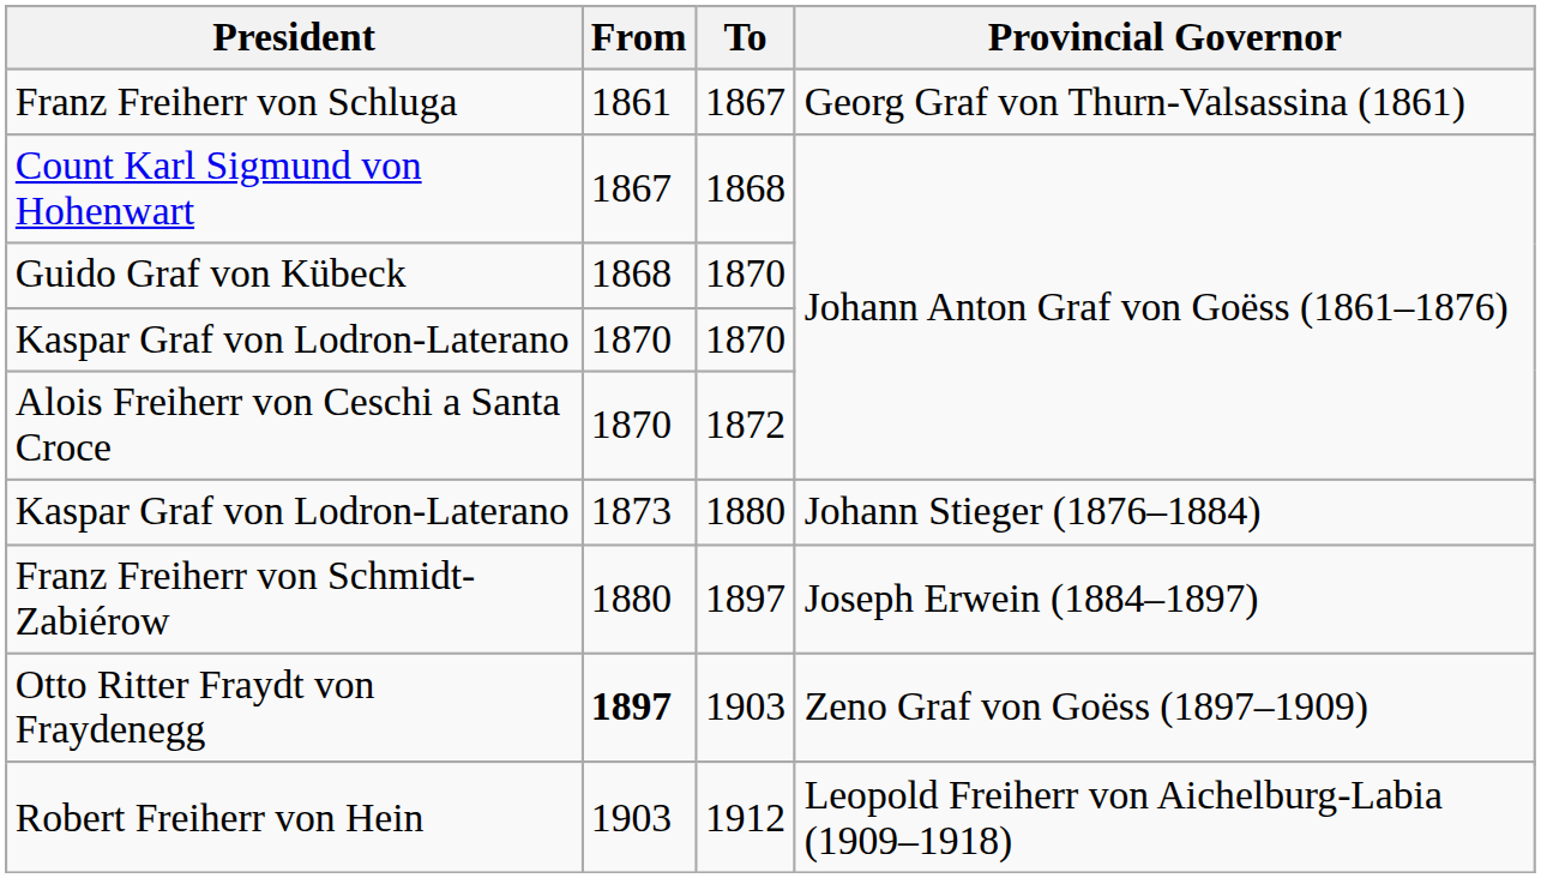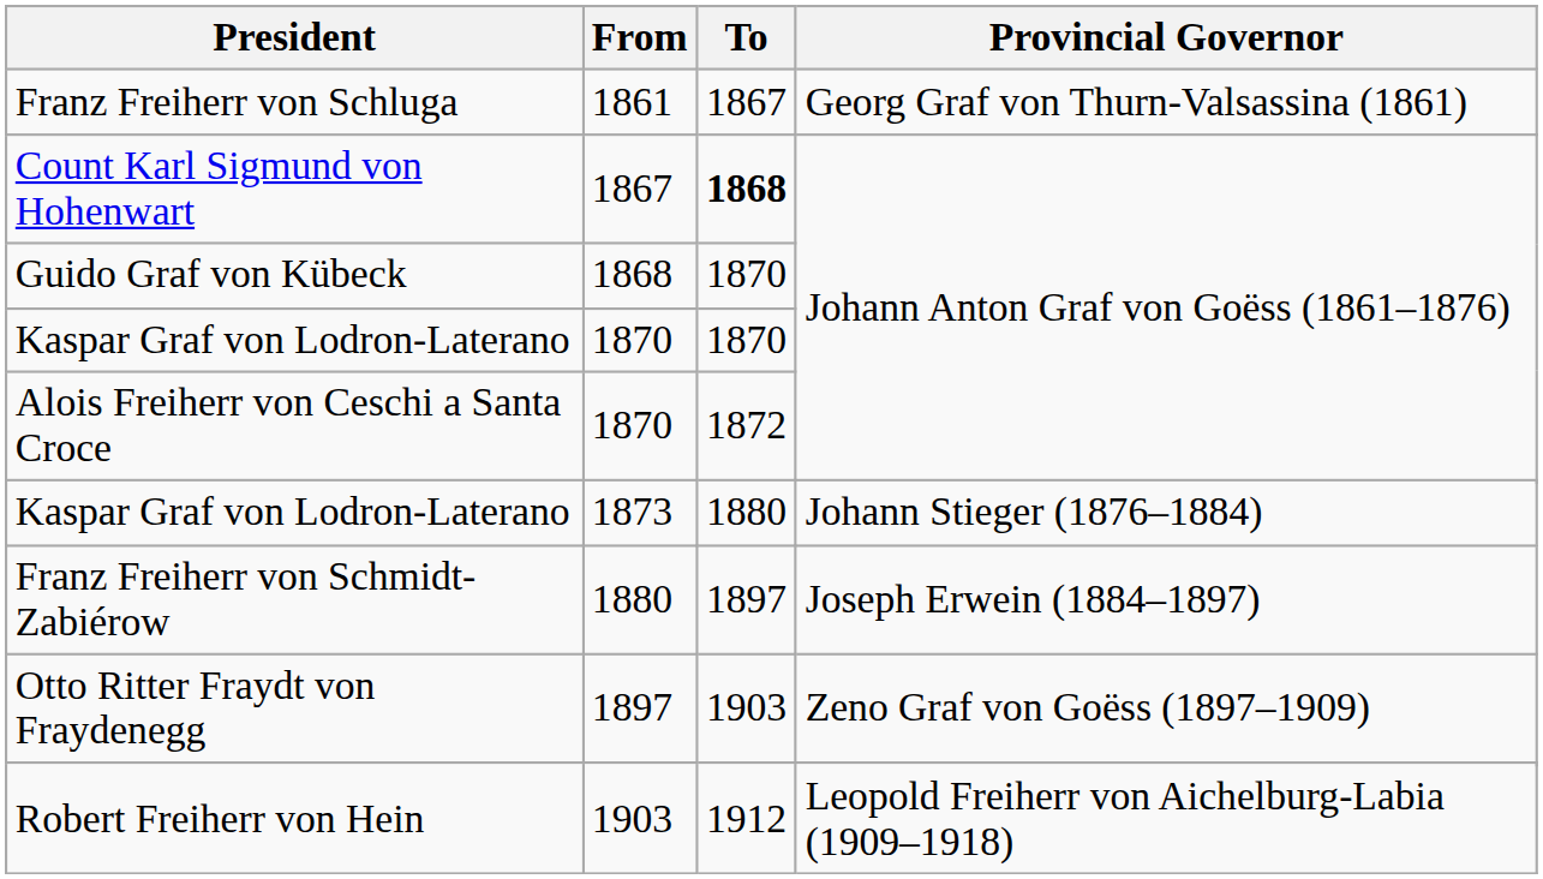 <table class="wikitable">
 <tr>
 <th>President</th>
 <th>From</th>
 <th>To</th>
 <th>Provincial Governor</th>
 </tr>
 <tr>
 <td rowspan="2">Franz Freiherr von Schluga</td>
 <td rowspan="2">1861</td>
 <td rowspan="2">1867</td>
 <td>Georg Graf von Thurn-Valsassina (1861)</td>
 </tr>
 <tr>
 <td rowspan="6">Johann Anton Graf von Goëss (1861–1876)</td>
 </tr>
 <tr>
 <td><a href='#'>Count Karl Sigmund von Hohenwart</a></td>
 <td>1867</td>
-<td>1868</td>
+<td><strong>1868</strong></td>
 </tr>
 <tr>
 <td>Guido Graf von Kübeck</td>
 <td>1868</td>
 <td>1870</td>
 </tr>
 <tr>
 <td>Kaspar Graf von Lodron-Laterano</td>
 <td>1870</td>
 <td>1870</td>
 </tr>
 <tr>
 <td>Alois Freiherr von Ceschi a Santa Croce</td>
 <td>1870</td>
 <td>1872</td>
 </tr>
 <tr>
 <td rowspan="2">Kaspar Graf von Lodron-Laterano</td>
 <td rowspan="2">1873</td>
 <td rowspan="2">1880</td>
 </tr>
 <tr>
 <td rowspan="2">Johann Stieger (1876–1884)</td>
 </tr>
 <tr>
 <td rowspan="2">Franz Freiherr von Schmidt-Zabiérow</td>
 <td rowspan="2">1880</td>
 <td rowspan="2">1897</td>
 </tr>
 <tr>
 <td>Joseph Erwein (1884–1897)</td>
 </tr>
 <tr>
 <td>Otto Ritter Fraydt von Fraydenegg</td>
-<td><strong>1897</strong></td>
+<td>1897</td>
 <td>1903</td>
 <td rowspan="2">Zeno Graf von Goëss (1897–1909)</td>
 </tr>
 <tr>
 <td rowspan="3">Robert Freiherr von Hein</td>
 <td rowspan="3">1903</td>
 <td rowspan="3">1912</td>
 </tr>
 <tr>
 <td>Leopold Freiherr von Aichelburg-Labia (1909–1918)</td>
 </tr>
 </table>
